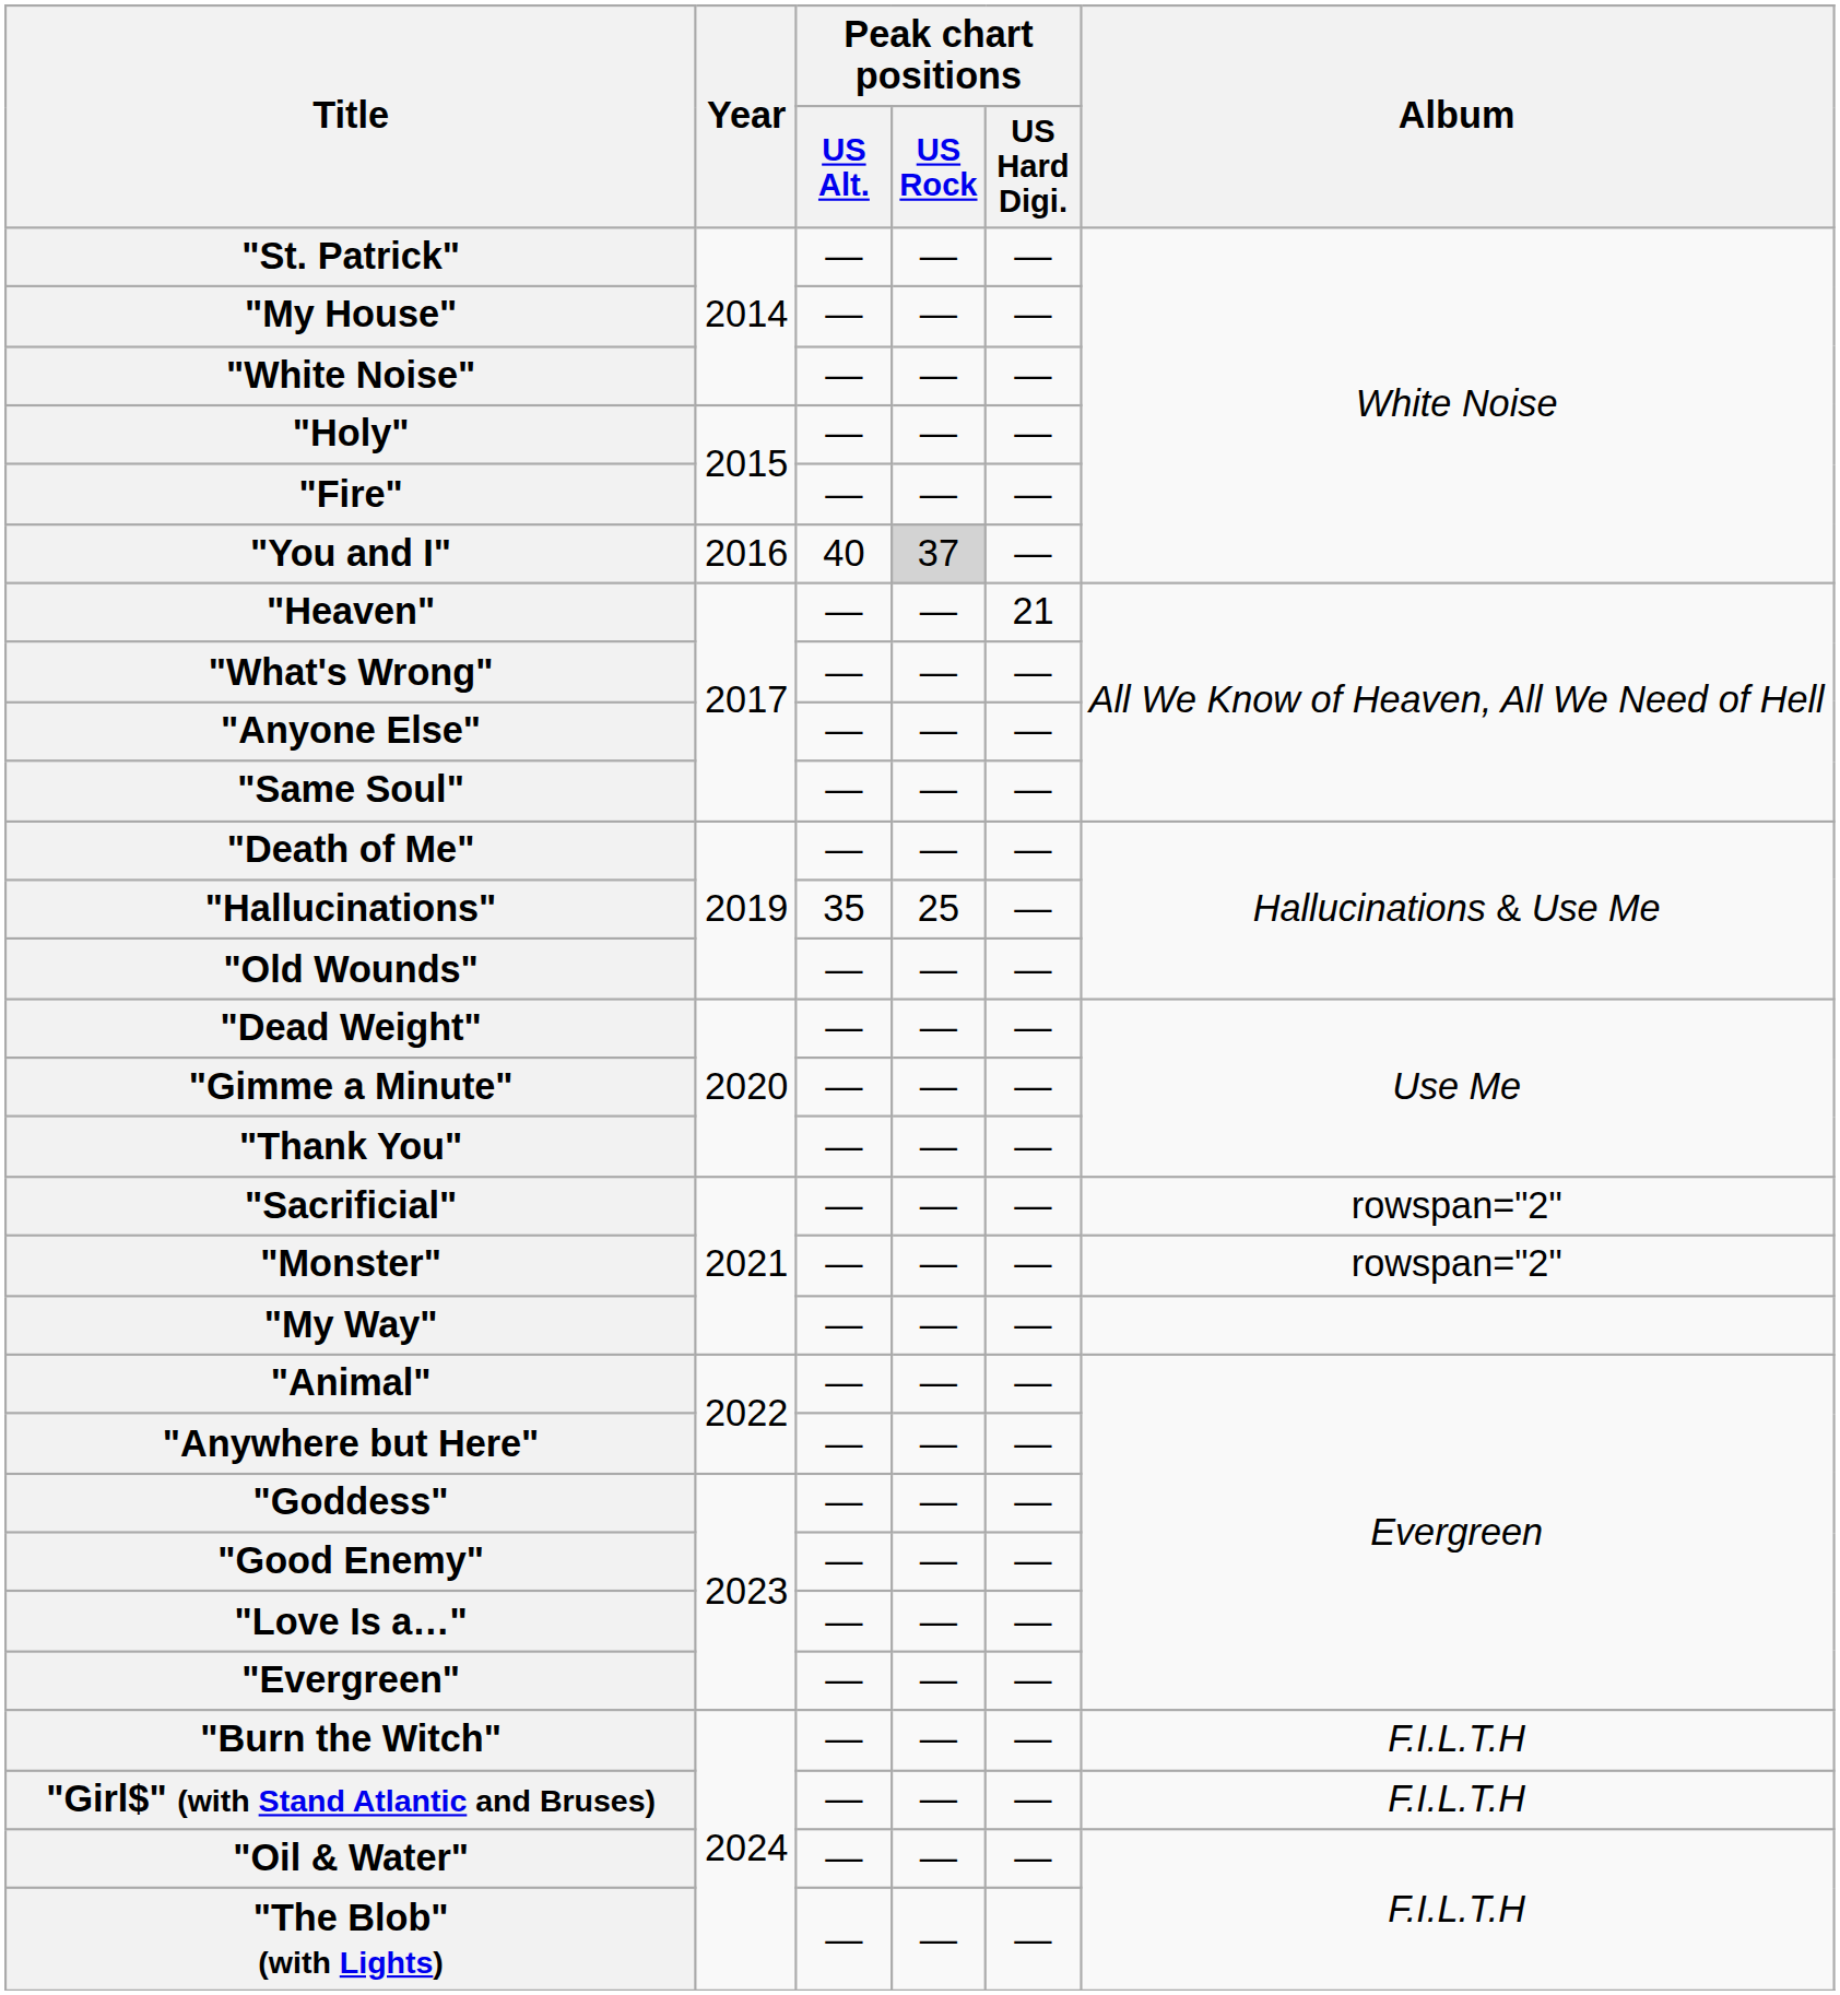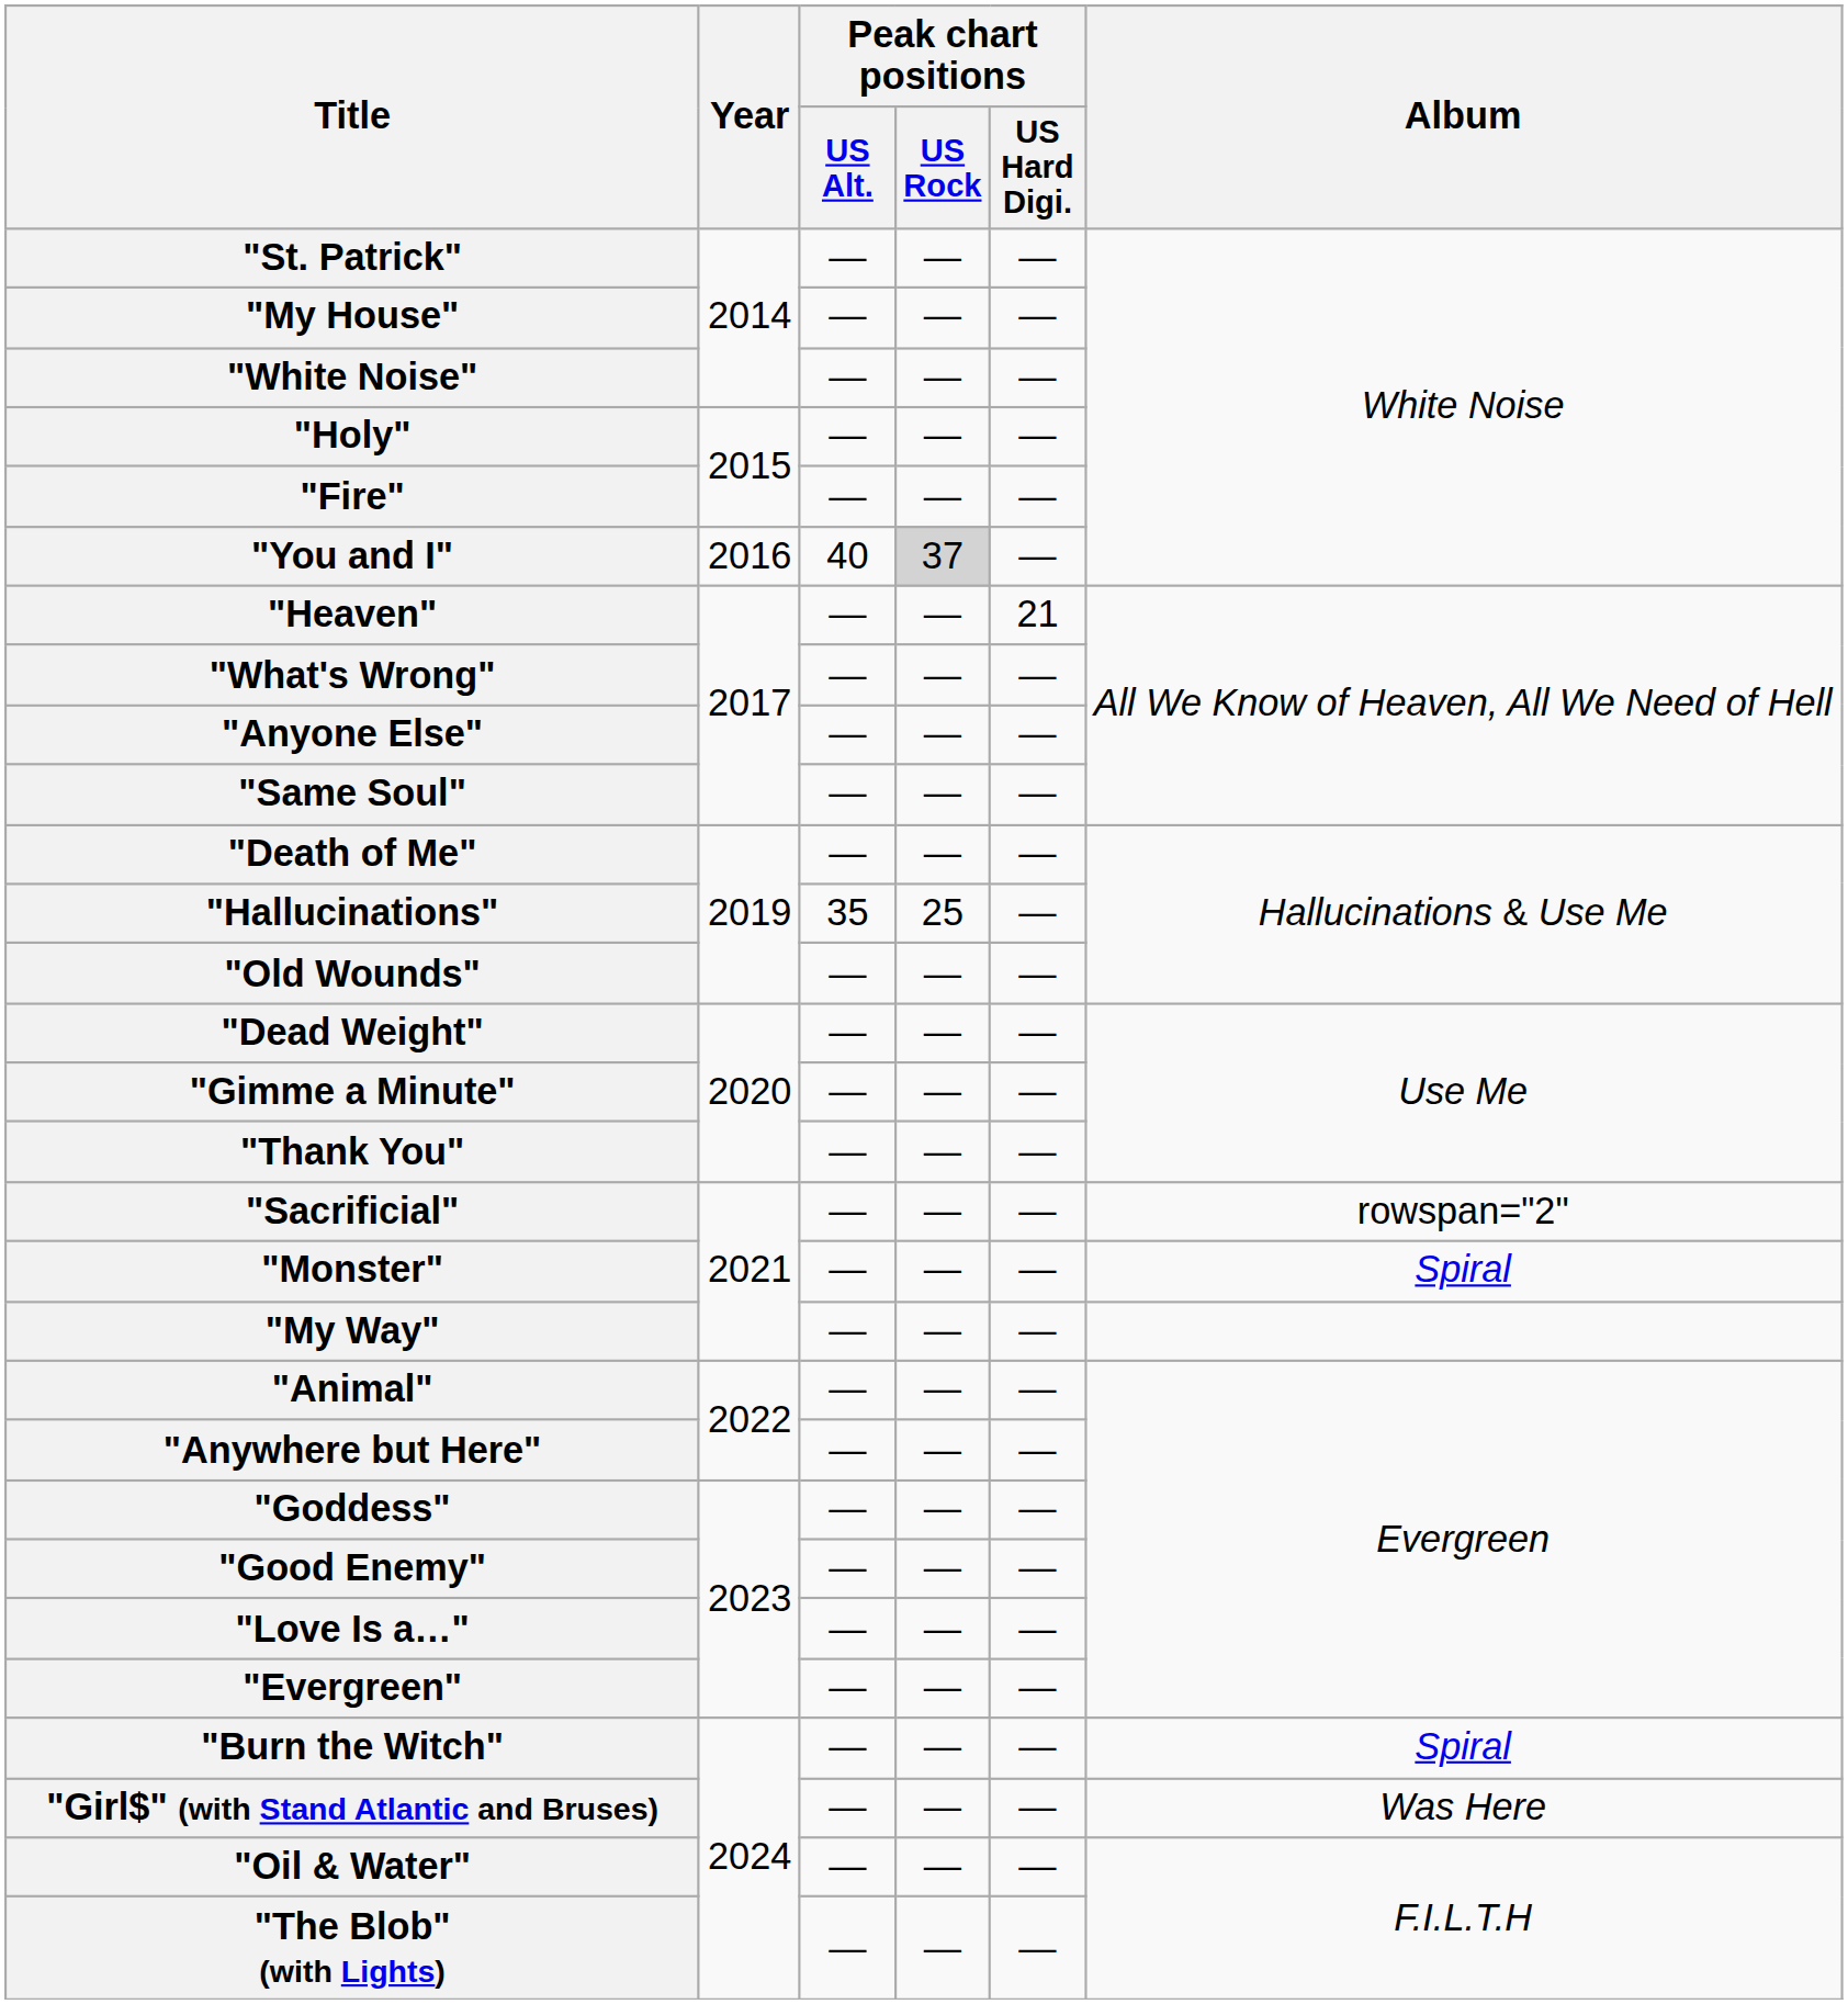 <table class="wikitable plainrowheaders" style="text-align:center;">
 <tr>
 <th scope="col" rowspan="2" style="width:18em;">Title</th>
 <th scope="col" rowspan="2">Year</th>
 <th scope="col" colspan="3">Peak chart positions</th>
 <th scope="col" rowspan="2">Album</th>
 </tr>
 <tr>
 <th scope="col" style="width:2.5em;font-size:85%;"><a href='#'>US<br>Alt.</a><br></th>
 <th scope="col" style="width:2.5em;font-size:85%;"><a href='#'>US<br>Rock</a><br></th>
 <th scope="col" style="width:2.5em;font-size:85%;">US Hard Digi.</th>
 </tr>
 <tr>
 <th scope="row">"St. Patrick"</th>
 <td rowspan="3">2014</td>
 <td>—</td>
 <td>—</td>
 <td>—</td>
 <td rowspan="6" style="text-align:center;"><em>White Noise</em></td>
 </tr>
 <tr>
 <th scope="row">"My House"</th>
 <td>—</td>
 <td>—</td>
 <td>—</td>
 </tr>
 <tr>
 <th scope="row">"White Noise"</th>
 <td>—</td>
 <td>—</td>
 <td>—</td>
 </tr>
 <tr>
 <th scope="row">"Holy"</th>
 <td rowspan=2>2015</td>
 <td>—</td>
 <td>—</td>
 <td>—</td>
 </tr>
 <tr>
 <th scope="row">"Fire"</th>
 <td>—</td>
 <td>—</td>
 <td>—</td>
 </tr>
 <tr>
 <th scope="row">"You and I"</th>
 <td>2016</td>
 <td>40</td>
 <td style="background: lightgrey;">37</td>
 <td>—</td>
 </tr>
 <tr>
 <th scope="row">"Heaven"</th>
 <td rowspan="4">2017</td>
 <td>—</td>
 <td>—</td>
 <td>21</td>
 <td rowspan="4" style="text-align:center;"><em>All We Know of Heaven, All We Need of Hell</em></td>
 </tr>
 <tr>
 <th scope="row">"What's Wrong"</th>
 <td>—</td>
 <td>—</td>
 <td>—</td>
 </tr>
 <tr>
 <th scope="row">"Anyone Else"</th>
 <td>—</td>
 <td>—</td>
 <td>—</td>
 </tr>
 <tr>
 <th scope="row">"Same Soul"</th>
 <td>—</td>
 <td>—</td>
 <td>—</td>
 </tr>
 <tr>
 <th scope="row">"Death of Me"</th>
 <td rowspan="3">2019</td>
 <td>—</td>
 <td>—</td>
 <td>—</td>
 <td rowspan="3"><em>Hallucinations</em> & <em>Use Me</em></td>
 </tr>
 <tr>
 <th scope="row">"Hallucinations"</th>
 <td>35</td>
 <td>25</td>
 <td>—</td>
 </tr>
 <tr>
 <th scope="row">"Old Wounds"</th>
 <td>—</td>
 <td>—</td>
 <td>—</td>
 </tr>
 <tr>
 <th scope="row">"Dead Weight"</th>
 <td rowspan="3">2020</td>
 <td>—</td>
 <td>—</td>
 <td>—</td>
 <td rowspan="3"><em>Use Me</em></td>
 </tr>
 <tr>
 <th scope="row">"Gimme a Minute"</th>
 <td>—</td>
 <td>—</td>
 <td>—</td>
 </tr>
 <tr>
 <th scope="row">"Thank You"<br></th>
 <td>—</td>
 <td>—</td>
 <td>—</td>
 </tr>
 <tr>
 <th scope="row">"Sacrificial"<br></th>
 <td rowspan="3">2021</td>
 <td>—</td>
 <td>—</td>
 <td>—</td>
 <td>rowspan="2" </td>
 </tr>
 <tr>
 <th scope="row">"Monster"</th>
 <td>—</td>
 <td>—</td>
 <td>—</td>
-<td>rowspan="2" </td>
+<td><em><a href='#'>Spiral</a></em></td>
 </tr>
 <tr>
 <th scope="row">"My Way"</th>
 <td>—</td>
 <td>—</td>
 <td>—</td>
 </tr>
 <tr>
 <th scope="row">"Animal"</th>
 <td rowspan="2">2022</td>
 <td>—</td>
 <td>—</td>
 <td>—</td>
 <td rowspan="6"><em>Evergreen</em></td>
 </tr>
 <tr>
 <th scope="row">"Anywhere but Here"</th>
 <td>—</td>
 <td>—</td>
 <td>—</td>
 </tr>
 <tr>
 <th scope="row">"Goddess"</th>
 <td rowspan="4">2023</td>
 <td>—</td>
 <td>—</td>
 <td>—</td>
 </tr>
 <tr>
 <th scope="row">"Good Enemy"</th>
 <td>—</td>
 <td>—</td>
 <td>—</td>
 </tr>
 <tr>
 <th scope="row">"Love Is a…"</th>
 <td>—</td>
 <td>—</td>
 <td>—</td>
 </tr>
 <tr>
 <th scope="row">"Evergreen"</th>
 <td>—</td>
 <td>—</td>
 <td>—</td>
 </tr>
 <tr>
 <th scope="row">"Burn the Witch" <br> </th>
 <td rowspan="4">2024</td>
 <td>—</td>
 <td>—</td>
 <td>—</td>
-<td><em>F.I.L.T.H</em></td>
+<td><em><a href='#'>Spiral</a></em></td>
 </tr>
 <tr>
 <th scope="row">"Girl$" <small> (with <a href='#'>Stand Atlantic</a> and Bruses) </small></th>
 <td>—</td>
 <td>—</td>
 <td>—</td>
-<td><em>F.I.L.T.H</em></td>
+<td><em>Was Here</em></td>
 </tr>
 <tr>
 <th scope="row">"Oil & Water"</th>
 <td>—</td>
 <td>—</td>
 <td>—</td>
 <td rowspan="2"><em>F.I.L.T.H</em></td>
 </tr>
 <tr>
 <th scope="row">"The Blob"<br><small>(with <a href='#'>Lights</a>)</small></th>
 <td>—</td>
 <td>—</td>
 <td>—</td>
 </tr>
 <tr>
 </tr>
 </table>
